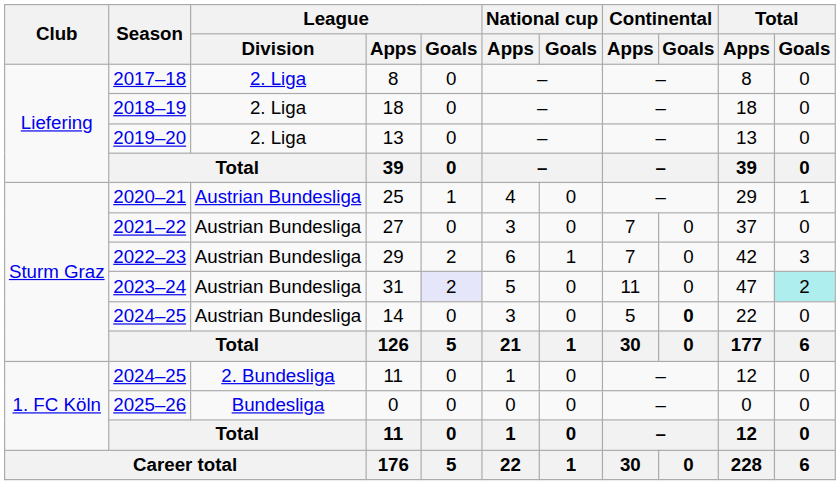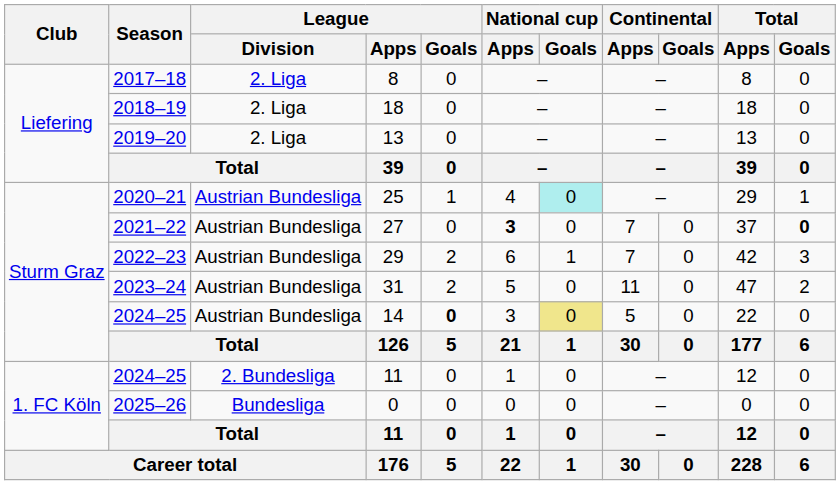 <table class="wikitable" style="text-align:center">
 <tr>
 <th rowspan=2>Club</th>
 <th rowspan=2>Season</th>
 <th colspan=3>League</th>
 <th colspan=2>National cup</th>
 <th colspan=2>Continental</th>
 <th colspan=2>Total</th>
 </tr>
 <tr>
 <th>Division</th>
 <th>Apps</th>
 <th>Goals</th>
 <th>Apps</th>
 <th>Goals</th>
 <th>Apps</th>
 <th>Goals</th>
 <th>Apps</th>
 <th>Goals</th>
 </tr>
 <tr>
 <td rowspan=4><a href='#'>Liefering</a></td>
 <td><a href='#'>2017–18</a></td>
 <td><a href='#'>2. Liga</a></td>
 <td>8</td>
 <td>0</td>
 <td colspan=2>–</td>
 <td colspan=2>–</td>
 <td>8</td>
 <td>0</td>
 </tr>
 <tr>
 <td><a href='#'>2018–19</a></td>
 <td>2. Liga</td>
 <td>18</td>
 <td>0</td>
 <td colspan=2>–</td>
 <td colspan=2>–</td>
 <td>18</td>
 <td>0</td>
 </tr>
 <tr>
 <td><a href='#'>2019–20</a></td>
 <td>2. Liga</td>
 <td>13</td>
 <td>0</td>
 <td colspan=2>–</td>
 <td colspan=2>–</td>
 <td>13</td>
 <td>0</td>
 </tr>
 <tr>
 <th colspan=2>Total</th>
 <th>39</th>
 <th>0</th>
 <th colspan=2>–</th>
 <th colspan=2>–</th>
 <th>39</th>
 <th>0</th>
 </tr>
 <tr>
 <td rowspan=6><a href='#'>Sturm Graz</a></td>
 <td><a href='#'>2020–21</a></td>
 <td><a href='#'>Austrian Bundesliga</a></td>
 <td>25</td>
 <td>1</td>
 <td>4</td>
-<td>0</td>
+<td style="background: paleturquoise;">0</td>
 <td colspan=2>–</td>
 <td>29</td>
 <td>1</td>
 </tr>
 <tr>
 <td><a href='#'>2021–22</a></td>
 <td>Austrian Bundesliga</td>
 <td>27</td>
 <td>0</td>
-<td>3</td>
+<td><strong>3</strong></td>
 <td>0</td>
 <td>7</td>
 <td>0</td>
 <td>37</td>
-<td>0</td>
+<td><strong>0</strong></td>
 </tr>
 <tr>
 <td><a href='#'>2022–23</a></td>
 <td>Austrian Bundesliga</td>
 <td>29</td>
 <td>2</td>
 <td>6</td>
 <td>1</td>
 <td>7</td>
 <td>0</td>
 <td>42</td>
 <td>3</td>
 </tr>
 <tr>
 <td><a href='#'>2023–24</a></td>
 <td>Austrian Bundesliga</td>
 <td>31</td>
-<td style="background: lavender;">2</td>
+<td>2</td>
 <td>5</td>
 <td>0</td>
 <td>11</td>
 <td>0</td>
 <td>47</td>
-<td style="background: paleturquoise;">2</td>
+<td>2</td>
 </tr>
 <tr>
 <td><a href='#'>2024–25</a></td>
 <td>Austrian Bundesliga</td>
 <td>14</td>
+<td><strong>0</strong></td>
+<td>3</td>
+<td style="background: khaki;">0</td>
+<td>5</td>
 <td>0</td>
-<td>3</td>
-<td>0</td>
-<td>5</td>
-<td><strong>0</strong></td>
 <td>22</td>
 <td>0</td>
 </tr>
 <tr>
 <th colspan=2>Total</th>
 <th>126</th>
 <th>5</th>
 <th>21</th>
 <th>1</th>
 <th>30</th>
 <th>0</th>
 <th>177</th>
 <th>6</th>
 </tr>
 <tr>
 <td rowspan=3><a href='#'>1. FC Köln</a></td>
 <td><a href='#'>2024–25</a></td>
 <td><a href='#'>2. Bundesliga</a></td>
 <td>11</td>
 <td>0</td>
 <td>1</td>
 <td>0</td>
 <td colspan=2>–</td>
 <td>12</td>
 <td>0</td>
 </tr>
 <tr>
 <td><a href='#'>2025–26</a></td>
 <td><a href='#'>Bundesliga</a></td>
 <td>0</td>
 <td>0</td>
 <td>0</td>
 <td>0</td>
 <td colspan=2>–</td>
 <td>0</td>
 <td>0</td>
 </tr>
 <tr>
 <th colspan=2>Total</th>
 <th>11</th>
 <th>0</th>
 <th>1</th>
 <th>0</th>
 <th colspan=2>–</th>
 <th>12</th>
 <th>0</th>
 </tr>
 <tr>
 <th colspan=3>Career total</th>
 <th>176</th>
 <th>5</th>
 <th>22</th>
 <th>1</th>
 <th>30</th>
 <th>0</th>
 <th>228</th>
 <th>6</th>
 </tr>
 </table>
